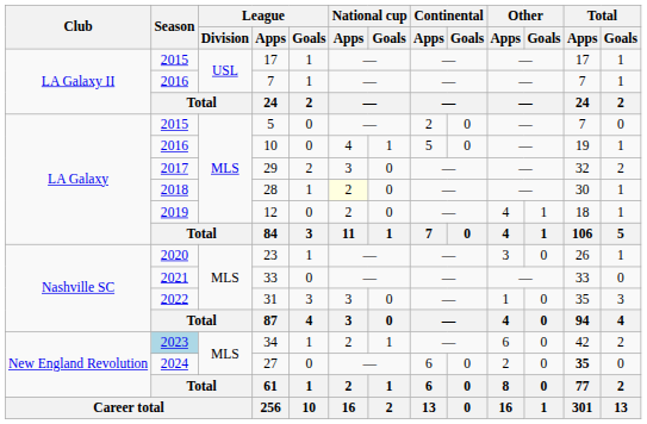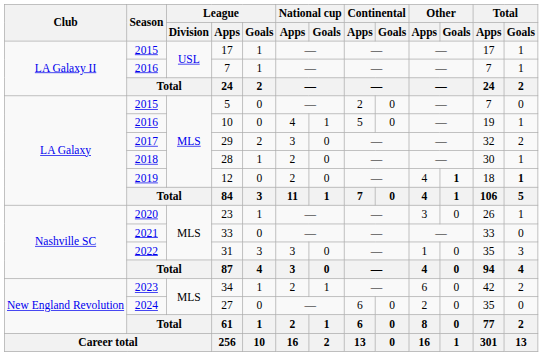 <table class="wikitable" style="text-align:center">
 <tr>
 <th rowspan="2">Club</th>
 <th rowspan="2">Season</th>
 <th colspan="3">League</th>
 <th colspan="2">National cup</th>
 <th colspan="2">Continental</th>
 <th colspan="2">Other</th>
 <th colspan="2">Total</th>
 </tr>
 <tr>
 <th>Division</th>
 <th>Apps</th>
 <th>Goals</th>
 <th>Apps</th>
 <th>Goals</th>
 <th>Apps</th>
 <th>Goals</th>
 <th>Apps</th>
 <th>Goals</th>
 <th>Apps</th>
 <th>Goals</th>
 </tr>
 <tr>
 <td rowspan="3"><a href='#'>LA Galaxy II</a></td>
 <td><a href='#'>2015</a></td>
 <td rowspan="2"><a href='#'>USL</a></td>
 <td>17</td>
 <td>1</td>
 <td colspan="2">—</td>
 <td colspan="2">—</td>
 <td colspan="2">—</td>
 <td>17</td>
 <td>1</td>
 </tr>
 <tr>
 <td><a href='#'>2016</a></td>
 <td>7</td>
 <td>1</td>
 <td colspan="2">—</td>
 <td colspan="2">—</td>
 <td colspan="2">—</td>
 <td>7</td>
 <td>1</td>
 </tr>
 <tr>
 <th colspan="2">Total</th>
 <th>24</th>
 <th>2</th>
 <th colspan="2">—</th>
 <th colspan="2">—</th>
 <th colspan="2">—</th>
 <th>24</th>
 <th>2</th>
 </tr>
 <tr>
 <td rowspan="6"><a href='#'>LA Galaxy</a></td>
 <td><a href='#'>2015</a></td>
 <td rowspan="5"><a href='#'>MLS</a></td>
 <td>5</td>
 <td>0</td>
 <td colspan="2">—</td>
 <td>2</td>
 <td>0</td>
 <td colspan="2">—</td>
 <td>7</td>
 <td>0</td>
 </tr>
 <tr>
 <td><a href='#'>2016</a></td>
 <td>10</td>
 <td>0</td>
 <td>4</td>
 <td>1</td>
 <td>5</td>
 <td>0</td>
 <td colspan="2">—</td>
 <td>19</td>
 <td>1</td>
 </tr>
 <tr>
 <td><a href='#'>2017</a></td>
 <td>29</td>
 <td>2</td>
 <td>3</td>
 <td>0</td>
 <td colspan="2">—</td>
 <td colspan="2">—</td>
 <td>32</td>
 <td>2</td>
 </tr>
 <tr>
 <td><a href='#'>2018</a></td>
 <td>28</td>
 <td>1</td>
-<td style="background: lightyellow;">2</td>
+<td>2</td>
 <td>0</td>
 <td colspan="2">—</td>
 <td colspan="2">—</td>
 <td>30</td>
 <td>1</td>
 </tr>
 <tr>
 <td><a href='#'>2019</a></td>
 <td>12</td>
 <td>0</td>
 <td>2</td>
 <td>0</td>
 <td colspan="2">—</td>
 <td>4</td>
-<td>1</td>
+<td><strong>1</strong></td>
 <td>18</td>
-<td>1</td>
+<td><strong>1</strong></td>
 </tr>
 <tr>
 <th colspan="2">Total</th>
 <th>84</th>
 <th>3</th>
 <th>11</th>
 <th>1</th>
 <th>7</th>
 <th>0</th>
 <th>4</th>
 <th>1</th>
 <th>106</th>
 <th>5</th>
 </tr>
 <tr>
 <td rowspan="4"><a href='#'>Nashville SC</a></td>
 <td><a href='#'>2020</a></td>
 <td rowspan="3">MLS</td>
 <td>23</td>
 <td>1</td>
 <td colspan="2">—</td>
 <td colspan="2">—</td>
 <td>3</td>
 <td>0</td>
 <td>26</td>
 <td>1</td>
 </tr>
 <tr>
 <td><a href='#'>2021</a></td>
 <td>33</td>
 <td>0</td>
 <td colspan="2">—</td>
 <td colspan="2">—</td>
 <td colspan="2">—</td>
 <td>33</td>
 <td>0</td>
 </tr>
 <tr>
 <td><a href='#'>2022</a></td>
 <td>31</td>
 <td>3</td>
 <td>3</td>
 <td>0</td>
 <td colspan="2">—</td>
 <td>1</td>
 <td>0</td>
 <td>35</td>
 <td>3</td>
 </tr>
 <tr>
 <th colspan="2">Total</th>
 <th>87</th>
 <th>4</th>
 <th>3</th>
 <th>0</th>
 <th colspan="2">—</th>
 <th>4</th>
 <th>0</th>
 <th>94</th>
 <th>4</th>
 </tr>
 <tr>
 <td rowspan="3"><a href='#'>New England Revolution</a></td>
-<td style="background: lightblue;"><a href='#'>2023</a></td>
+<td><a href='#'>2023</a></td>
 <td rowspan="2">MLS</td>
 <td>34</td>
 <td>1</td>
 <td>2</td>
 <td>1</td>
 <td colspan="2">—</td>
 <td>6</td>
 <td>0</td>
 <td>42</td>
 <td>2</td>
 </tr>
 <tr>
 <td><a href='#'>2024</a></td>
 <td>27</td>
 <td>0</td>
 <td colspan="2">—</td>
 <td>6</td>
 <td>0</td>
 <td>2</td>
 <td>0</td>
-<td><strong>35</strong></td>
+<td>35</td>
 <td>0</td>
 </tr>
 <tr>
 <th colspan="2">Total</th>
 <th>61</th>
 <th>1</th>
 <th>2</th>
 <th>1</th>
 <th>6</th>
 <th>0</th>
 <th>8</th>
 <th>0</th>
 <th>77</th>
 <th>2</th>
 </tr>
 <tr>
 <th colspan="3">Career total</th>
 <th>256</th>
 <th>10</th>
 <th>16</th>
 <th>2</th>
 <th>13</th>
 <th>0</th>
 <th>16</th>
 <th>1</th>
 <th>301</th>
 <th>13</th>
 </tr>
 </table>
